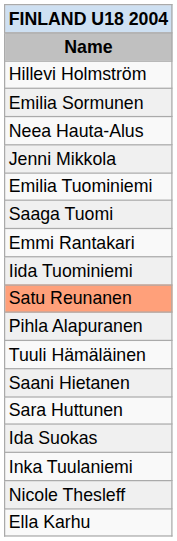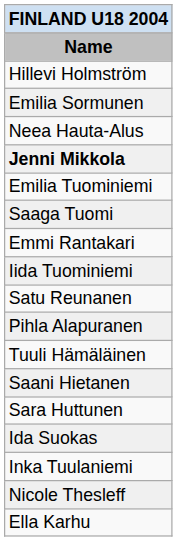 <table class="wikitable" style="text-align:left; font-size:90%;">
 <tr>
 <th style=background:#CEE0F2 colspan=2>FINLAND U18 2004</th>
 </tr>
 <tr>
 <th style="background:silver;">Name</th>
 </tr>
 <tr>
 <td>Hillevi Holmström</td>
 </tr>
 <tr bgcolor="#f0f0f0">
 <td>Emilia Sormunen</td>
 </tr>
 <tr>
 <td>Neea Hauta-Alus</td>
 </tr>
 <tr bgcolor="#f0f0f0">
-<td>Jenni Mikkola</td>
+<td><strong>Jenni Mikkola</strong></td>
 </tr>
 <tr>
 <td>Emilia Tuominiemi</td>
 </tr>
 <tr bgcolor="#f0f0f0">
 <td>Saaga Tuomi</td>
 </tr>
 <tr>
 <td>Emmi Rantakari</td>
 </tr>
 <tr bgcolor="#f0f0f0">
 <td>Iida Tuominiemi</td>
 </tr>
 <tr>
-<td style="background: lightsalmon;">Satu Reunanen</td>
+<td>Satu Reunanen</td>
 </tr>
 <tr bgcolor="#f0f0f0">
 <td>Pihla Alapuranen</td>
 </tr>
 <tr>
 <td>Tuuli Hämäläinen</td>
 </tr>
 <tr bgcolor="#f0f0f0">
 <td>Saani Hietanen</td>
 </tr>
 <tr>
 <td>Sara Huttunen</td>
 </tr>
 <tr bgcolor="#f0f0f0">
 <td>Ida Suokas</td>
 </tr>
 <tr>
 <td>Inka Tuulaniemi</td>
 </tr>
 <tr bgcolor="#f0f0f0">
 <td>Nicole Thesleff</td>
 </tr>
 <tr>
 <td>Ella Karhu</td>
 </tr>
 </table>
